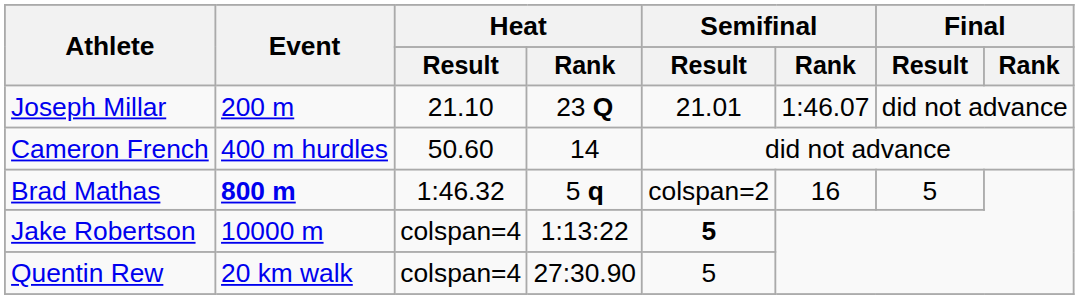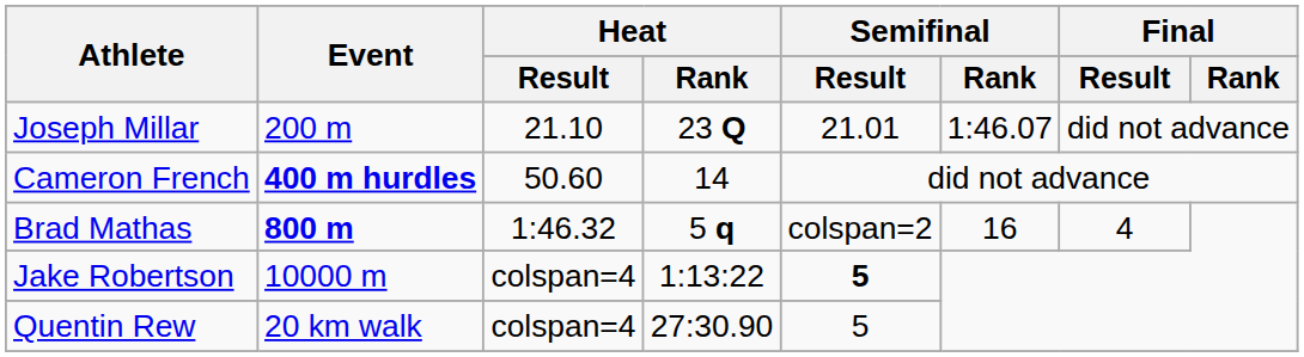 <table class="wikitable" style="font-size:90%">
 <tr>
 <th rowspan=2>Athlete</th>
 <th rowspan=2>Event</th>
 <th colspan=2>Heat</th>
 <th colspan=2>Semifinal</th>
 <th colspan=2>Final</th>
 </tr>
 <tr style="font-size:95%">
 <th>Result</th>
 <th>Rank</th>
 <th>Result</th>
 <th>Rank</th>
 <th>Result</th>
 <th>Rank</th>
 </tr>
 <tr align=center>
 <td align=left><a href='#'>Joseph Millar</a></td>
 <td align=left><a href='#'>200 m</a></td>
 <td>21.10</td>
 <td>23 <strong>Q</strong></td>
 <td>21.01</td>
 <td>1:46.07</td>
 <td colspan=2>did not advance</td>
 </tr>
 <tr align=center>
 <td align=left><a href='#'>Cameron French</a></td>
-<td align=left><a href='#'>400 m hurdles</a></td>
+<td align=left><strong><a href='#'>400 m hurdles</a></strong></td>
 <td>50.60</td>
 <td>14</td>
 <td colspan=4>did not advance</td>
 </tr>
 <tr align=center>
 <td align=left><a href='#'>Brad Mathas</a></td>
 <td align=left><strong><a href='#'>800 m</a></strong></td>
 <td>1:46.32</td>
 <td>5 <strong>q</strong></td>
 <td>colspan=2 </td>
 <td>16</td>
-<td>5</td>
+<td>4</td>
 </tr>
 <tr align=center>
 <td align=left><a href='#'>Jake Robertson</a></td>
 <td align=left><a href='#'>10000 m</a></td>
 <td>colspan=4 </td>
 <td>1:13:22</td>
 <td><strong>5</strong></td>
 </tr>
 <tr align=center>
 <td align=left><a href='#'>Quentin Rew</a></td>
 <td align=left><a href='#'>20 km walk</a></td>
 <td>colspan=4 </td>
 <td>27:30.90 </td>
 <td>5</td>
 </tr>
 </table>
